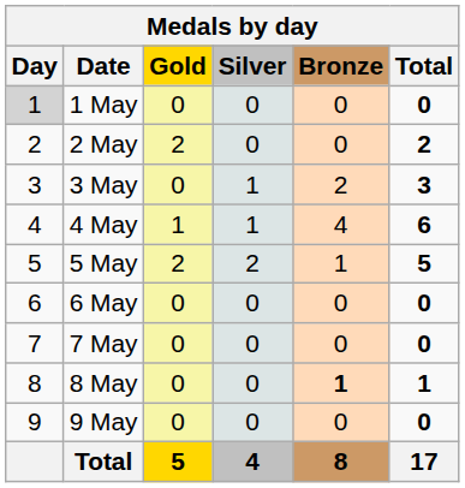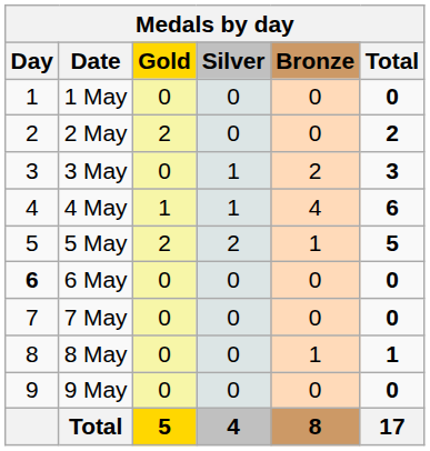 <table class="wikitable sortable" style="font-size:90%; text-align:center;">
 <tr style="background:#efefef;">
 <th colspan=6>Medals by day</th>
 </tr>
 <tr>
 <th><strong>Day</strong></th>
 <th><strong>Date</strong></th>
 <th style="background-color:gold;"><strong>Gold </strong></th>
 <th style="background-color:silver;"><strong>Silver </strong></th>
 <th style="background-color:#c96;"><strong>Bronze </strong></th>
 <th><strong>Total</strong></th>
 </tr>
 <tr>
-<td style="background: lightgrey;">1</td>
+<td>1</td>
 <td>1 May</td>
 <td style="background:#F7F6A8">0</td>
 <td style="background:#DCE5E5">0</td>
 <td style="background:#FFDAB9">0</td>
 <td><strong>0</strong></td>
 </tr>
 <tr>
 <td>2</td>
 <td>2 May</td>
 <td style="background:#F7F6A8">2</td>
 <td style="background:#DCE5E5">0</td>
 <td style="background:#FFDAB9">0</td>
 <td><strong>2</strong></td>
 </tr>
 <tr>
 <td>3</td>
 <td>3 May</td>
 <td style="background:#F7F6A8">0</td>
 <td style="background:#DCE5E5">1</td>
 <td style="background:#FFDAB9">2</td>
 <td><strong>3</strong></td>
 </tr>
 <tr>
 <td>4</td>
 <td>4 May</td>
 <td style="background:#F7F6A8">1</td>
 <td style="background:#DCE5E5">1</td>
 <td style="background:#FFDAB9">4</td>
 <td><strong>6</strong></td>
 </tr>
 <tr>
 <td>5</td>
 <td>5 May</td>
 <td style="background:#F7F6A8">2</td>
 <td style="background:#DCE5E5">2</td>
 <td style="background:#FFDAB9">1</td>
 <td><strong>5</strong></td>
 </tr>
 <tr>
-<td>6</td>
+<td><strong>6</strong></td>
 <td>6 May</td>
 <td style="background:#F7F6A8">0</td>
 <td style="background:#DCE5E5">0</td>
 <td style="background:#FFDAB9">0</td>
 <td><strong>0</strong></td>
 </tr>
 <tr>
 <td>7</td>
 <td>7 May</td>
 <td style="background:#F7F6A8">0</td>
 <td style="background:#DCE5E5">0</td>
 <td style="background:#FFDAB9">0</td>
 <td><strong>0</strong></td>
 </tr>
 <tr>
 <td>8</td>
 <td>8 May</td>
 <td style="background:#F7F6A8">0</td>
 <td style="background:#DCE5E5">0</td>
-<td style="background:#FFDAB9"><strong>1</strong></td>
+<td style="background:#FFDAB9">1</td>
 <td><strong>1</strong></td>
 </tr>
 <tr>
 <td>9</td>
 <td>9 May</td>
 <td style="background:#F7F6A8">0</td>
 <td style="background:#DCE5E5">0</td>
 <td style="background:#FFDAB9">0</td>
 <td><strong>0</strong></td>
 </tr>
 <tr>
 <th></th>
 <th>Total</th>
 <th style="background:gold;">5</th>
 <th style="background:silver;">4</th>
 <th style="background:#c96;">8</th>
 <th>17</th>
 </tr>
 </table>
